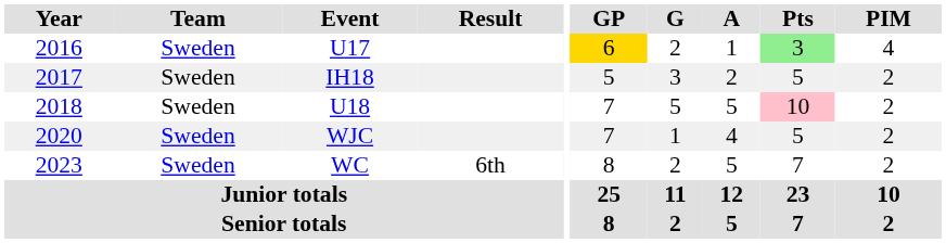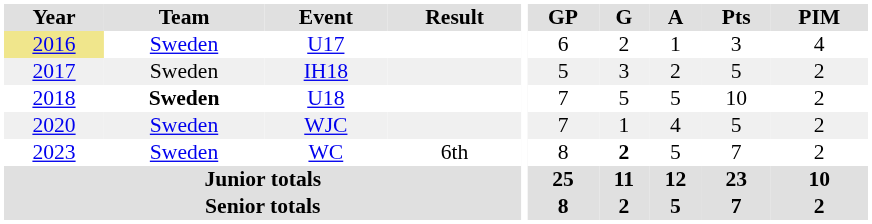 <table border="0" cellpadding="1" cellspacing="0" ID="Table3" style="text-align:center; width:40em">
 <tr ALIGN="center" bgcolor="#e0e0e0">
 <th>Year</th>
 <th>Team</th>
 <th>Event</th>
 <th>Result</th>
 <th rowspan="99" bgcolor="#ffffff"></th>
 <th>GP</th>
 <th>G</th>
 <th>A</th>
 <th>Pts</th>
 <th>PIM</th>
 </tr>
 <tr>
-<td><a href='#'>2016</a></td>
+<td style="background: khaki;"><a href='#'>2016</a></td>
 <td><a href='#'>Sweden</a></td>
 <td><a href='#'>U17</a></td>
 <td></td>
-<td style="background: gold;">6</td>
+<td>6</td>
 <td>2</td>
 <td>1</td>
-<td style="background: lightgreen;">3</td>
+<td>3</td>
 <td>4</td>
 </tr>
 <tr bgcolor="#f0f0f0">
 <td><a href='#'>2017</a></td>
 <td>Sweden</td>
 <td><a href='#'>IH18</a></td>
 <td></td>
 <td>5</td>
 <td>3</td>
 <td>2</td>
 <td>5</td>
 <td>2</td>
 </tr>
 <tr>
 <td><a href='#'>2018</a></td>
-<td>Sweden</td>
+<td><strong>Sweden</strong></td>
 <td><a href='#'>U18</a></td>
 <td></td>
 <td>7</td>
 <td>5</td>
 <td>5</td>
-<td style="background: pink;">10</td>
+<td>10</td>
 <td>2</td>
 </tr>
 <tr bgcolor="#f0f0f0">
 <td><a href='#'>2020</a></td>
 <td><a href='#'>Sweden</a></td>
 <td><a href='#'>WJC</a></td>
 <td></td>
 <td>7</td>
 <td>1</td>
 <td>4</td>
 <td>5</td>
 <td>2</td>
 </tr>
 <tr>
 <td><a href='#'>2023</a></td>
 <td><a href='#'>Sweden</a></td>
 <td><a href='#'>WC</a></td>
 <td>6th</td>
 <td>8</td>
-<td>2</td>
+<td><strong>2</strong></td>
 <td>5</td>
 <td>7</td>
 <td>2</td>
 </tr>
 <tr bgcolor="#e0e0e0">
 <th colspan="4">Junior totals</th>
 <th>25</th>
 <th>11</th>
 <th>12</th>
 <th>23</th>
 <th>10</th>
 </tr>
 <tr bgcolor="#e0e0e0">
 <th colspan="4">Senior totals</th>
 <th>8</th>
 <th>2</th>
 <th>5</th>
 <th>7</th>
 <th>2</th>
 </tr>
 </table>
